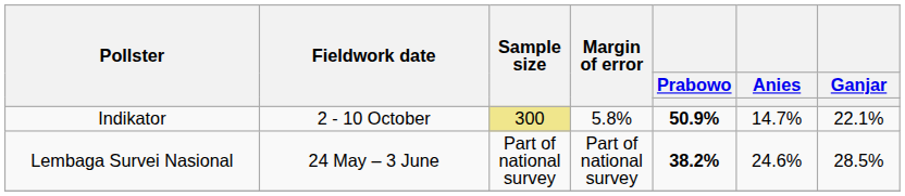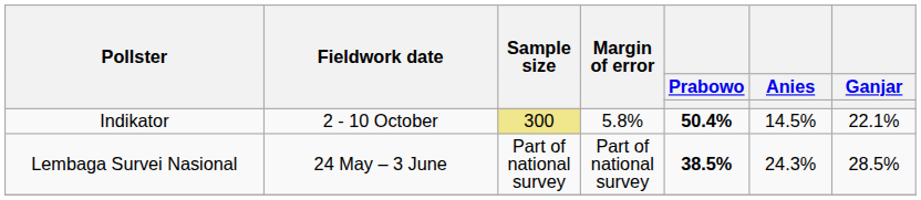 <table class="wikitable" style="text-align:center; font-size:90%; line-height:14px;">
 <tr style="height:55px; background-color:#E9E9E9">
 <th rowspan="3" style="width:200px;">Pollster</th>
 <th rowspan="3" style="width:180px;">Fieldwork date</th>
 <th rowspan="3" style="width:60px;">Sample size</th>
 <th rowspan="3" style="width:60px;">Margin of error</th>
 <th style="width:60px;"></th>
 <th style="width:60px;"></th>
 <th style="width:60px;"></th>
 </tr>
 <tr>
 <th><a href='#'>Prabowo</a> <br></th>
 <th><a href='#'>Anies</a> <br></th>
 <th><a href='#'>Ganjar</a> <br></th>
 </tr>
 <tr>
 <th class="unsortable" style="color:inherit;background:"></th>
 <th class="unsortable" style="color:inherit;background:"></th>
 <th class="unsortable" style="color:inherit;background:"></th>
 </tr>
 <tr>
 <td>Indikator</td>
 <td>2 - 10 October</td>
 <td style="background: khaki;">300</td>
 <td>5.8%</td>
-<td style="background-color:#"><strong>50.9%</strong> </td>
-<td>14.7% </td>
+<td style="background-color:#"><strong>50.4%</strong> </td>
+<td>14.5% </td>
 <td>22.1% </td>
 </tr>
 <tr>
 <td>Lembaga Survei Nasional</td>
 <td>24 May – 3 June</td>
 <td>Part of national survey</td>
 <td>Part of national survey</td>
-<td style="background-color:#"><strong>38.2%</strong> </td>
-<td>24.6% </td>
+<td style="background-color:#"><strong>38.5%</strong> </td>
+<td>24.3% </td>
 <td>28.5% </td>
 </tr>
 <tr>
 </tr>
 </table>
